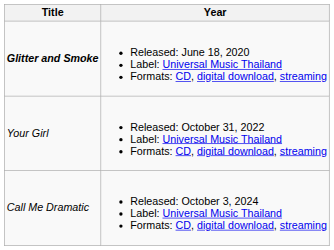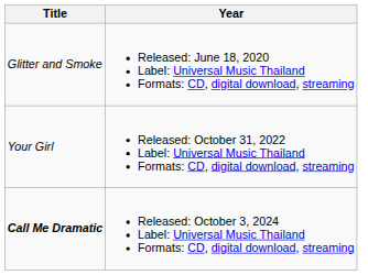 <table class="wikitable">
 <tr>
 <th>Title</th>
 <th>Year</th>
 </tr>
 <tr>
-<td><strong><em>Glitter and Smoke</em></strong></td>
+<td><em>Glitter and Smoke</em></td>
 <td><br><ul><li>Released: June 18, 2020</li><li>Label: <a href='#'>Universal Music Thailand</a></li><li>Formats: <a href='#'>CD</a>, <a href='#'>digital download</a>, <a href='#'>streaming</a></li></ul></td>
 </tr>
 <tr>
 <td><em>Your Girl</em></td>
 <td><br><ul><li>Released: October 31, 2022</li><li>Label: <a href='#'>Universal Music Thailand</a></li><li>Formats: <a href='#'>CD</a>, <a href='#'>digital download</a>, <a href='#'>streaming</a></li></ul></td>
 </tr>
 <tr>
-<td><em>Call Me Dramatic</em></td>
+<td><strong><em>Call Me Dramatic</em></strong></td>
 <td><br><ul><li>Released: October 3, 2024</li><li>Label: <a href='#'>Universal Music Thailand</a></li><li>Formats: <a href='#'>CD</a>, <a href='#'>digital download</a>, <a href='#'>streaming</a></li></ul></td>
 </tr>
 </table>
